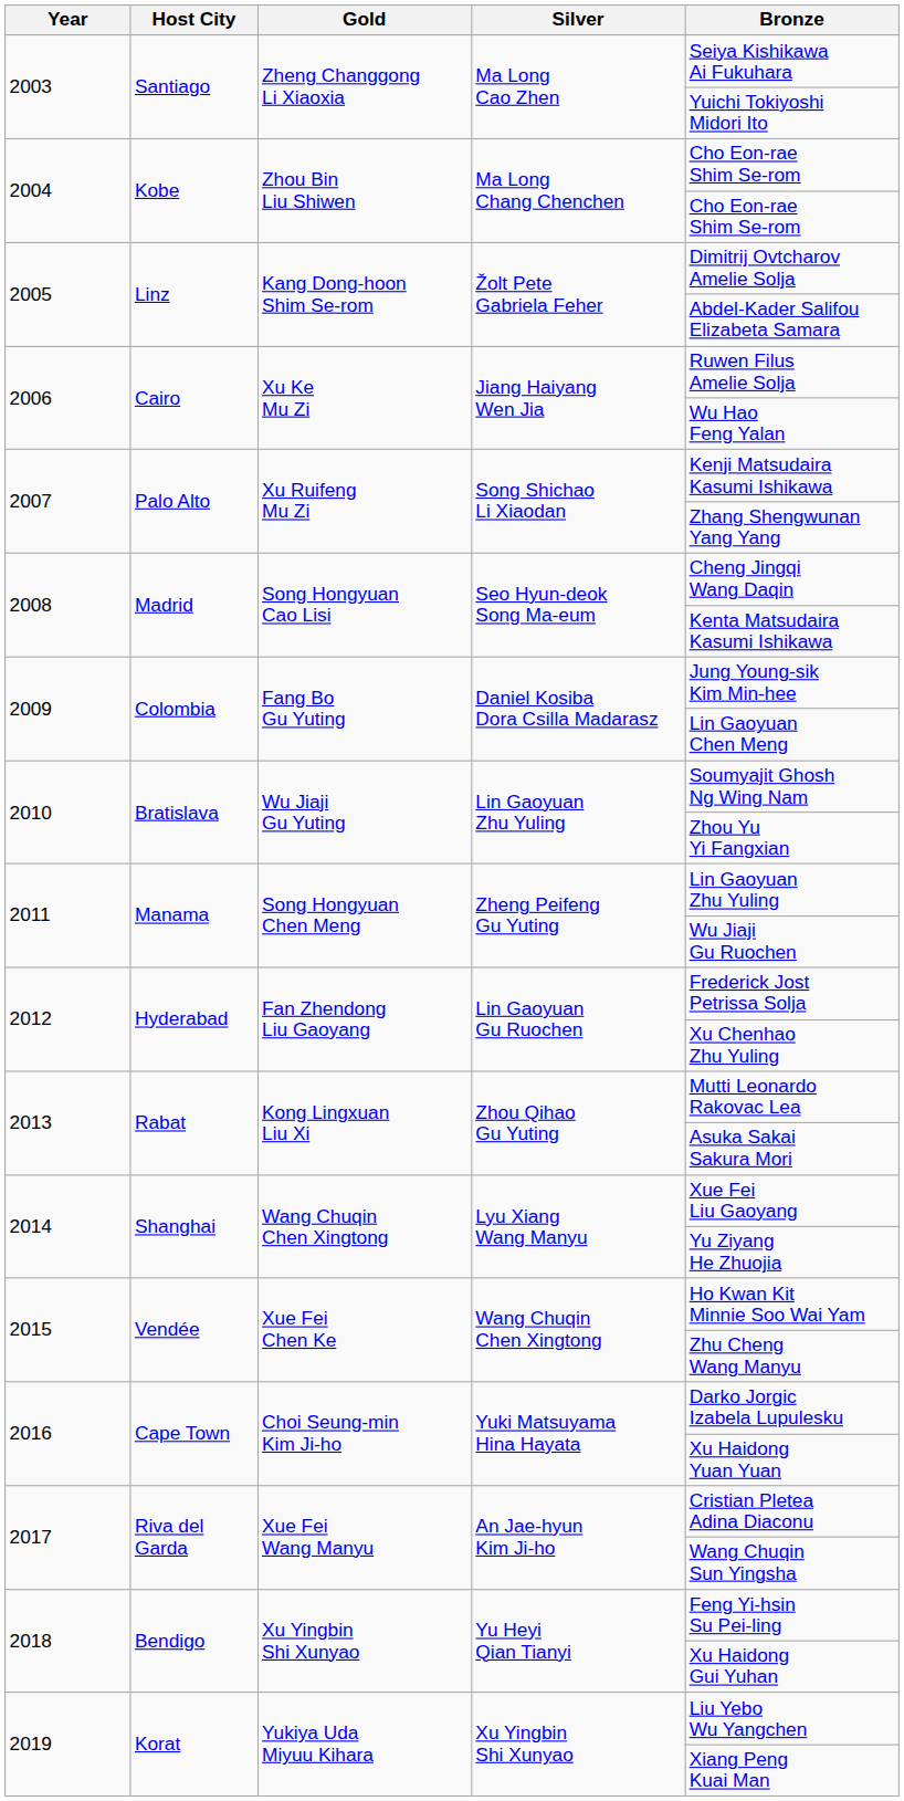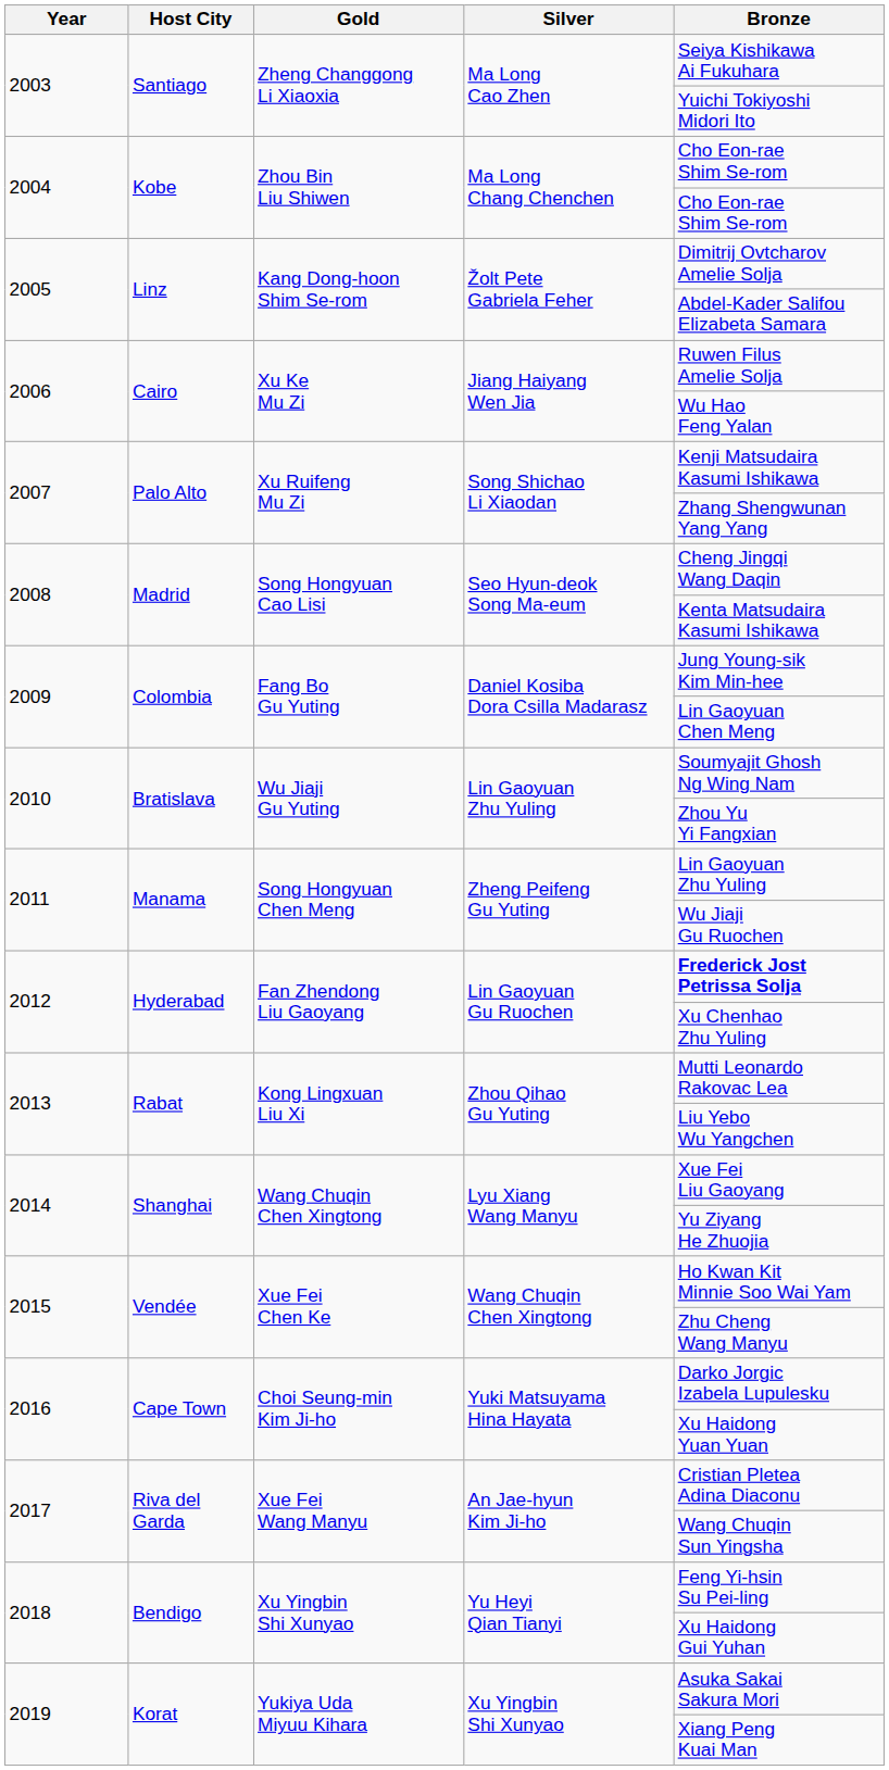 <table class="wikitable" style="text-align: left; width: 750px;">
 <tr>
 <th width="100">Year</th>
 <th width="100">Host City</th>
 <th width="175">Gold</th>
 <th width="175">Silver</th>
 <th width="175">Bronze</th>
 </tr>
 <tr>
 <td rowspan=2>2003</td>
 <td rowspan=2><a href='#'>Santiago</a></td>
 <td rowspan=2> <a href='#'>Zheng Changgong</a><br> <a href='#'>Li Xiaoxia</a></td>
 <td rowspan=2> <a href='#'>Ma Long</a><br> <a href='#'>Cao Zhen</a></td>
 <td> <a href='#'>Seiya Kishikawa</a><br> <a href='#'>Ai Fukuhara</a></td>
 </tr>
 <tr>
 <td> <a href='#'>Yuichi Tokiyoshi</a><br> <a href='#'>Midori Ito</a></td>
 </tr>
 <tr>
 <td rowspan=2>2004</td>
 <td rowspan=2><a href='#'>Kobe</a></td>
 <td rowspan=2> <a href='#'>Zhou Bin</a><br> <a href='#'>Liu Shiwen</a></td>
 <td rowspan=2> <a href='#'>Ma Long</a><br> <a href='#'>Chang Chenchen</a></td>
 <td> <a href='#'>Cho Eon-rae</a><br> <a href='#'>Shim Se-rom</a></td>
 </tr>
 <tr>
 <td> <a href='#'>Cho Eon-rae</a><br> <a href='#'>Shim Se-rom</a></td>
 </tr>
 <tr>
 <td rowspan=2>2005</td>
 <td rowspan=2><a href='#'>Linz</a></td>
 <td rowspan=2> <a href='#'>Kang Dong-hoon</a><br> <a href='#'>Shim Se-rom</a></td>
 <td rowspan=2> <a href='#'>Žolt Pete</a><br> <a href='#'>Gabriela Feher</a></td>
 <td> <a href='#'>Dimitrij Ovtcharov</a><br> <a href='#'>Amelie Solja</a></td>
 </tr>
 <tr>
 <td> <a href='#'>Abdel-Kader Salifou</a><br> <a href='#'>Elizabeta Samara</a></td>
 </tr>
 <tr>
 <td rowspan=2>2006</td>
 <td rowspan=2><a href='#'>Cairo</a></td>
 <td rowspan=2> <a href='#'>Xu Ke</a><br> <a href='#'>Mu Zi</a></td>
 <td rowspan=2> <a href='#'>Jiang Haiyang</a><br> <a href='#'>Wen Jia</a></td>
 <td> <a href='#'>Ruwen Filus</a><br> <a href='#'>Amelie Solja</a></td>
 </tr>
 <tr>
 <td> <a href='#'>Wu Hao</a><br> <a href='#'>Feng Yalan</a></td>
 </tr>
 <tr>
 <td rowspan=2>2007</td>
 <td rowspan=2><a href='#'>Palo Alto</a></td>
 <td rowspan=2> <a href='#'>Xu Ruifeng</a><br> <a href='#'>Mu Zi</a></td>
 <td rowspan=2> <a href='#'>Song Shichao</a><br> <a href='#'>Li Xiaodan</a></td>
 <td> <a href='#'>Kenji Matsudaira</a><br> <a href='#'>Kasumi Ishikawa</a></td>
 </tr>
 <tr>
 <td> <a href='#'>Zhang Shengwunan</a><br> <a href='#'>Yang Yang</a></td>
 </tr>
 <tr>
 <td rowspan=2>2008</td>
 <td rowspan=2><a href='#'>Madrid</a></td>
 <td rowspan=2> <a href='#'>Song Hongyuan</a><br> <a href='#'>Cao Lisi</a></td>
 <td rowspan=2> <a href='#'>Seo Hyun-deok</a><br> <a href='#'>Song Ma-eum</a></td>
 <td> <a href='#'>Cheng Jingqi</a><br> <a href='#'>Wang Daqin</a></td>
 </tr>
 <tr>
 <td> <a href='#'>Kenta Matsudaira</a><br> <a href='#'>Kasumi Ishikawa</a></td>
 </tr>
 <tr>
 <td rowspan=2>2009</td>
 <td rowspan=2><a href='#'>Colombia</a></td>
 <td rowspan=2> <a href='#'>Fang Bo</a><br> <a href='#'>Gu Yuting</a></td>
 <td rowspan=2> <a href='#'>Daniel Kosiba</a><br> <a href='#'>Dora Csilla Madarasz</a></td>
 <td> <a href='#'>Jung Young-sik</a><br> <a href='#'>Kim Min-hee</a></td>
 </tr>
 <tr>
 <td> <a href='#'>Lin Gaoyuan</a><br> <a href='#'>Chen Meng</a></td>
 </tr>
 <tr>
 <td rowspan=2>2010</td>
 <td rowspan=2><a href='#'>Bratislava</a></td>
 <td rowspan=2> <a href='#'>Wu Jiaji</a><br> <a href='#'>Gu Yuting</a></td>
 <td rowspan=2> <a href='#'>Lin Gaoyuan</a><br> <a href='#'>Zhu Yuling</a></td>
 <td> <a href='#'>Soumyajit Ghosh</a><br> <a href='#'>Ng Wing Nam</a></td>
 </tr>
 <tr>
 <td> <a href='#'>Zhou Yu</a><br> <a href='#'>Yi Fangxian</a></td>
 </tr>
 <tr>
 <td rowspan=2>2011</td>
 <td rowspan=2><a href='#'>Manama</a></td>
 <td rowspan=2> <a href='#'>Song Hongyuan</a><br> <a href='#'>Chen Meng</a></td>
 <td rowspan=2> <a href='#'>Zheng Peifeng</a><br> <a href='#'>Gu Yuting</a></td>
 <td> <a href='#'>Lin Gaoyuan</a><br> <a href='#'>Zhu Yuling</a></td>
 </tr>
 <tr>
 <td> <a href='#'>Wu Jiaji</a><br> <a href='#'>Gu Ruochen</a></td>
 </tr>
 <tr>
 <td rowspan=2>2012</td>
 <td rowspan=2><a href='#'>Hyderabad</a></td>
 <td rowspan=2> <a href='#'>Fan Zhendong</a><br> <a href='#'>Liu Gaoyang</a></td>
 <td rowspan=2> <a href='#'>Lin Gaoyuan</a><br> <a href='#'>Gu Ruochen</a></td>
-<td> <a href='#'>Frederick Jost</a><br> <a href='#'>Petrissa Solja</a></td>
+<td><strong> <a href='#'>Frederick Jost</a><br> <a href='#'>Petrissa Solja</a></strong></td>
 </tr>
 <tr>
 <td> <a href='#'>Xu Chenhao</a><br> <a href='#'>Zhu Yuling</a></td>
 </tr>
 <tr>
 <td rowspan=2>2013</td>
 <td rowspan=2><a href='#'>Rabat</a></td>
 <td rowspan=2> <a href='#'>Kong Lingxuan</a><br> <a href='#'>Liu Xi</a></td>
 <td rowspan=2> <a href='#'>Zhou Qihao</a><br> <a href='#'>Gu Yuting</a></td>
 <td> <a href='#'>Mutti Leonardo</a><br> <a href='#'>Rakovac Lea</a></td>
 </tr>
 <tr>
-<td> <a href='#'>Asuka Sakai</a><br> <a href='#'>Sakura Mori</a></td>
+<td> <a href='#'>Liu Yebo</a><br> <a href='#'>Wu Yangchen</a></td>
 </tr>
 <tr>
 <td rowspan=2>2014</td>
 <td rowspan=2><a href='#'>Shanghai</a></td>
 <td rowspan=2> <a href='#'>Wang Chuqin</a><br> <a href='#'>Chen Xingtong</a></td>
 <td rowspan=2> <a href='#'>Lyu Xiang</a><br> <a href='#'>Wang Manyu</a></td>
 <td> <a href='#'>Xue Fei</a><br> <a href='#'>Liu Gaoyang</a></td>
 </tr>
 <tr>
 <td> <a href='#'>Yu Ziyang</a><br> <a href='#'>He Zhuojia</a></td>
 </tr>
 <tr>
 <td rowspan=2>2015</td>
 <td rowspan=2><a href='#'>Vendée</a></td>
 <td rowspan=2> <a href='#'>Xue Fei</a><br> <a href='#'>Chen Ke</a></td>
 <td rowspan=2> <a href='#'>Wang Chuqin</a><br> <a href='#'>Chen Xingtong</a></td>
 <td> <a href='#'>Ho Kwan Kit</a><br> <a href='#'>Minnie Soo Wai Yam</a></td>
 </tr>
 <tr>
 <td> <a href='#'>Zhu Cheng</a><br> <a href='#'>Wang Manyu</a></td>
 </tr>
 <tr>
 <td rowspan=2>2016</td>
 <td rowspan=2><a href='#'>Cape Town</a></td>
 <td rowspan=2> <a href='#'>Choi Seung-min</a><br> <a href='#'>Kim Ji-ho</a></td>
 <td rowspan=2> <a href='#'>Yuki Matsuyama</a><br> <a href='#'>Hina Hayata</a></td>
 <td> <a href='#'>Darko Jorgic</a><br> <a href='#'>Izabela Lupulesku</a></td>
 </tr>
 <tr>
 <td> <a href='#'>Xu Haidong</a><br> <a href='#'>Yuan Yuan</a></td>
 </tr>
 <tr>
 <td rowspan=2>2017</td>
 <td rowspan=2><a href='#'>Riva del Garda</a></td>
 <td rowspan=2> <a href='#'>Xue Fei</a><br> <a href='#'>Wang Manyu</a></td>
 <td rowspan=2> <a href='#'>An Jae-hyun</a><br> <a href='#'>Kim Ji-ho</a></td>
 <td> <a href='#'>Cristian Pletea</a><br> <a href='#'>Adina Diaconu</a></td>
 </tr>
 <tr>
 <td> <a href='#'>Wang Chuqin</a><br> <a href='#'>Sun Yingsha</a></td>
 </tr>
 <tr>
 <td rowspan=2>2018</td>
 <td rowspan=2><a href='#'>Bendigo</a></td>
 <td rowspan=2> <a href='#'>Xu Yingbin</a><br> <a href='#'>Shi Xunyao</a></td>
 <td rowspan=2> <a href='#'>Yu Heyi</a><br> <a href='#'>Qian Tianyi</a></td>
 <td> <a href='#'>Feng Yi-hsin</a><br> <a href='#'>Su Pei-ling</a></td>
 </tr>
 <tr>
 <td> <a href='#'>Xu Haidong</a><br> <a href='#'>Gui Yuhan</a></td>
 </tr>
 <tr>
 <td rowspan=2>2019</td>
 <td rowspan=2><a href='#'>Korat</a></td>
 <td rowspan=2> <a href='#'>Yukiya Uda</a><br> <a href='#'>Miyuu Kihara</a></td>
 <td rowspan=2> <a href='#'>Xu Yingbin</a><br> <a href='#'>Shi Xunyao</a></td>
-<td> <a href='#'>Liu Yebo</a><br> <a href='#'>Wu Yangchen</a></td>
+<td> <a href='#'>Asuka Sakai</a><br> <a href='#'>Sakura Mori</a></td>
 </tr>
 <tr>
 <td> <a href='#'>Xiang Peng</a><br> <a href='#'>Kuai Man</a></td>
 </tr>
 </table>
